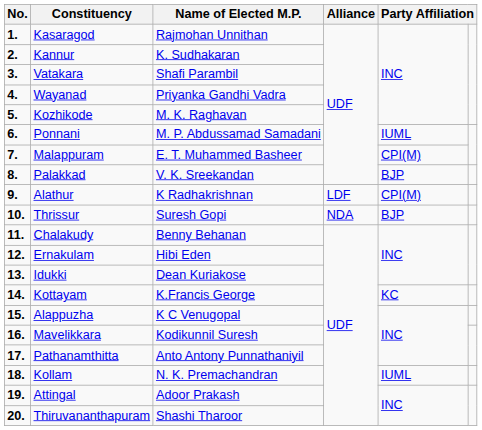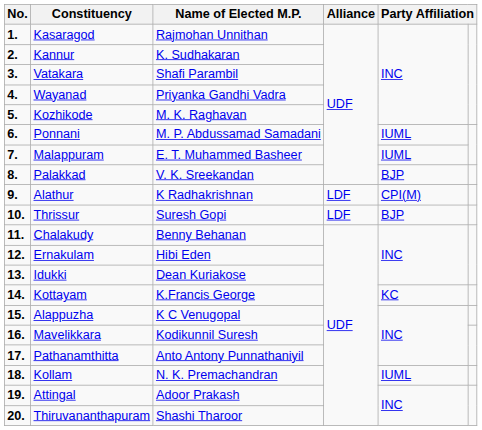 <table class="wikitable sortable">
 <tr>
 <th>No.</th>
 <th>Constituency</th>
 <th>Name of Elected M.P.</th>
 <th>Alliance</th>
 <th colspan="2">Party Affiliation</th>
 </tr>
 <tr>
 <td><strong>1.</strong></td>
 <td><a href='#'>Kasaragod</a></td>
 <td><a href='#'>Rajmohan Unnithan</a></td>
 <td rowspan="8"><a href='#'>UDF</a></td>
 <td rowspan="5"><a href='#'>INC</a></td>
 <td rowspan="5" width="4px" style="background-color: "></td>
 </tr>
 <tr>
 <td><strong>2.</strong></td>
 <td><a href='#'>Kannur</a></td>
 <td><a href='#'>K. Sudhakaran</a></td>
 </tr>
 <tr>
 <td><strong>3.</strong></td>
 <td><a href='#'>Vatakara</a></td>
 <td><a href='#'>Shafi Parambil</a></td>
 </tr>
 <tr>
 <td><strong>4.</strong></td>
 <td><a href='#'>Wayanad</a></td>
 <td><a href='#'>Priyanka Gandhi Vadra</a></td>
 </tr>
 <tr>
 <td><strong>5.</strong></td>
 <td><a href='#'>Kozhikode</a></td>
 <td><a href='#'>M. K. Raghavan</a></td>
 </tr>
 <tr>
 <td><strong>6.</strong></td>
 <td><a href='#'>Ponnani</a></td>
 <td><a href='#'>M. P. Abdussamad Samadani</a></td>
 <td><a href='#'>IUML</a></td>
 <td rowspan="2" width="4px" style="background-color: "></td>
 </tr>
 <tr>
 <td><strong>7.</strong></td>
 <td><a href='#'>Malappuram</a></td>
 <td><a href='#'>E. T. Muhammed Basheer</a></td>
-<td><a href='#'>CPI(M)</a></td>
+<td><a href='#'>IUML</a></td>
 </tr>
 <tr>
 <td><strong>8.</strong></td>
 <td><a href='#'>Palakkad</a></td>
 <td><a href='#'>V. K. Sreekandan</a></td>
 <td><a href='#'>BJP</a></td>
 <td rowspan="1" width="4px" style="background-color: "></td>
 </tr>
 <tr>
 <td><strong>9.</strong></td>
 <td><a href='#'>Alathur</a></td>
 <td><a href='#'>K Radhakrishnan</a></td>
 <td><a href='#'>LDF</a></td>
 <td><a href='#'>CPI(M)</a></td>
 <td rowspan="1" width="4px" style="background-color: "></td>
 </tr>
 <tr>
 <td><strong>10.</strong></td>
 <td><a href='#'>Thrissur</a></td>
 <td><a href='#'>Suresh Gopi</a></td>
-<td><a href='#'>NDA</a></td>
+<td><a href='#'>LDF</a></td>
 <td><a href='#'>BJP</a></td>
 <td rowspan="1" width="4px" style="background-color: "></td>
 </tr>
 <tr>
 <td><strong>11.</strong></td>
 <td><a href='#'>Chalakudy</a></td>
 <td><a href='#'>Benny Behanan</a></td>
 <td rowspan="10"><a href='#'>UDF</a></td>
 <td rowspan="3"><a href='#'>INC</a></td>
 <td rowspan="3" width="4px" style="background-color: "></td>
 </tr>
 <tr>
 <td><strong>12.</strong></td>
 <td><a href='#'>Ernakulam</a></td>
 <td><a href='#'>Hibi Eden</a></td>
 </tr>
 <tr>
 <td><strong>13.</strong></td>
 <td><a href='#'>Idukki</a></td>
 <td><a href='#'>Dean Kuriakose</a></td>
 </tr>
 <tr>
 <td><strong>14.</strong></td>
 <td><a href='#'>Kottayam</a></td>
 <td><a href='#'>K.Francis George</a></td>
 <td><a href='#'>KC</a></td>
 <td width="4px" style="background-color: "></td>
 </tr>
 <tr>
 <td><strong>15.</strong></td>
 <td><a href='#'>Alappuzha</a></td>
 <td><a href='#'>K C Venugopal</a></td>
 <td rowspan="3"><a href='#'>INC</a></td>
 <td width="4px" style="background-color: "></td>
 </tr>
 <tr>
 <td><strong>16.</strong></td>
 <td><a href='#'>Mavelikkara</a></td>
 <td><a href='#'>Kodikunnil Suresh</a></td>
 <td rowspan="2" width="4px" style="background-color: "></td>
 </tr>
 <tr>
 <td><strong>17.</strong></td>
 <td><a href='#'>Pathanamthitta</a></td>
 <td><a href='#'>Anto Antony Punnathaniyil</a></td>
 </tr>
 <tr>
 <td><strong>18.</strong></td>
 <td><a href='#'>Kollam</a></td>
 <td><a href='#'>N. K. Premachandran</a></td>
 <td><a href='#'>IUML</a></td>
 <td width="4px" style="background-color: "></td>
 </tr>
 <tr>
 <td><strong>19.</strong></td>
 <td><a href='#'>Attingal</a></td>
 <td><a href='#'>Adoor Prakash</a></td>
 <td rowspan="2"><a href='#'>INC</a></td>
 <td rowspan="2" width="4px" style="background-color: "></td>
 </tr>
 <tr>
 <td><strong>20.</strong></td>
 <td><a href='#'>Thiruvananthapuram</a></td>
 <td><a href='#'>Shashi Tharoor</a></td>
 </tr>
 </table>
